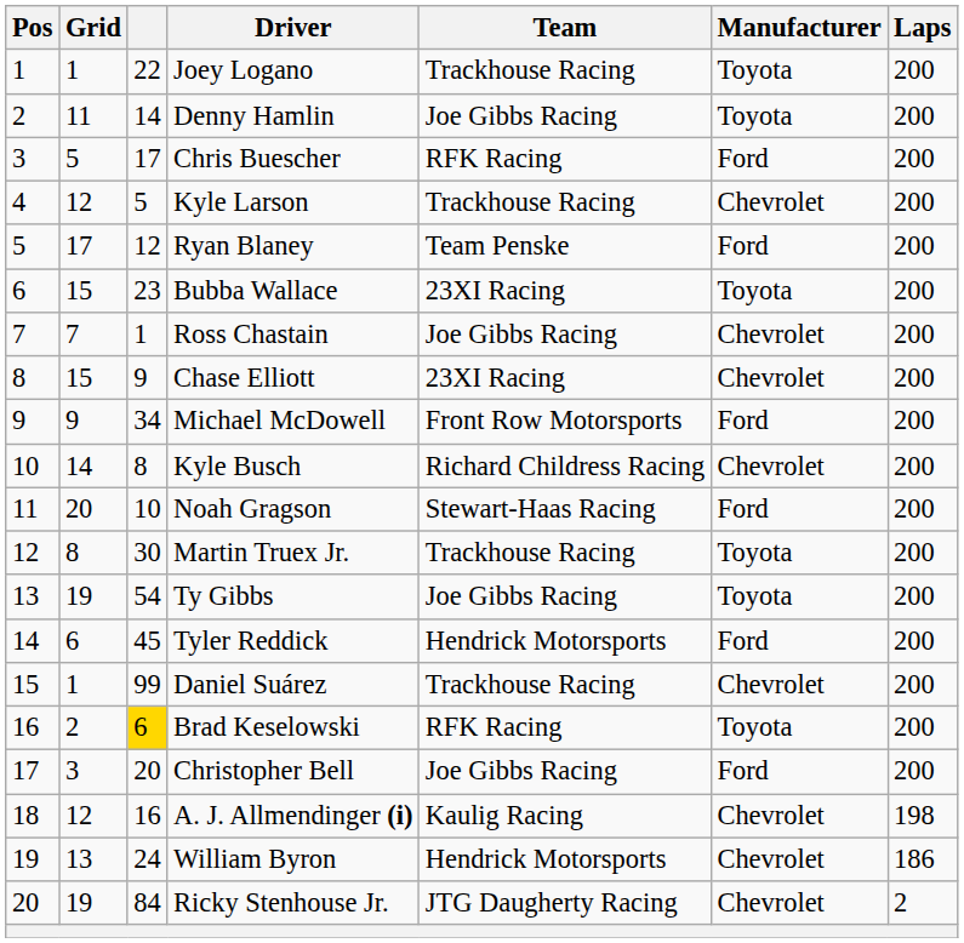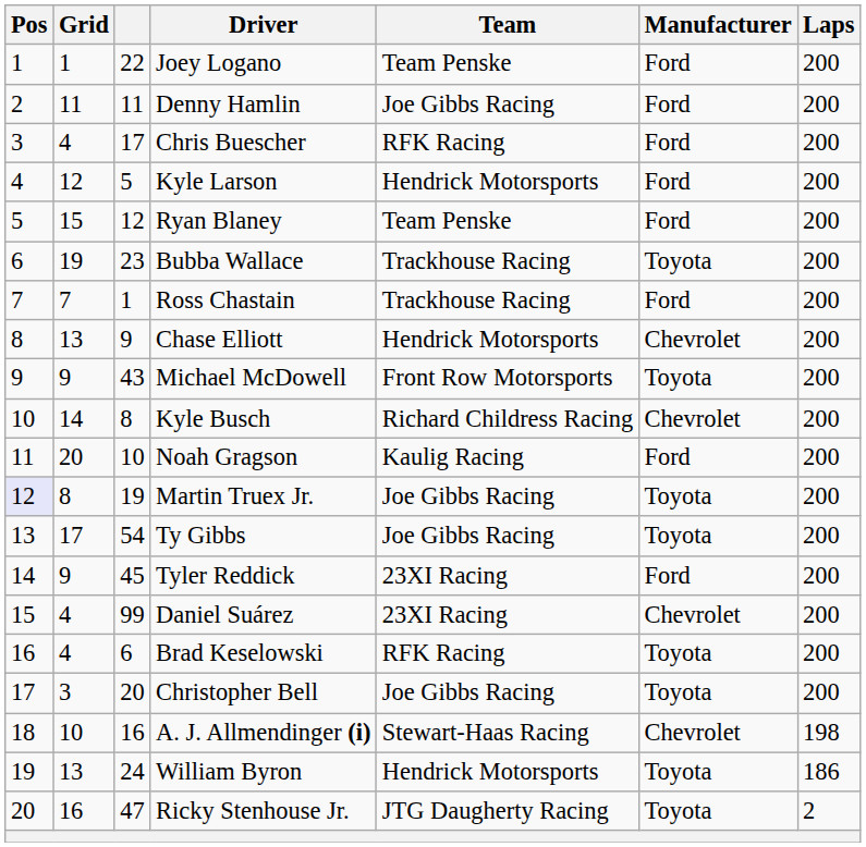 <table class="wikitable" style="font-size:98%">
 <tr>
 <th>Pos</th>
 <th>Grid</th>
 <th></th>
 <th>Driver</th>
 <th>Team</th>
 <th>Manufacturer</th>
 <th>Laps</th>
 </tr>
 <tr>
 <td>1</td>
 <td>1</td>
 <td>22</td>
 <td>Joey Logano</td>
-<td>Trackhouse Racing</td>
-<td>Toyota</td>
+<td>Team Penske</td>
+<td>Ford</td>
 <td>200</td>
 </tr>
 <tr>
 <td>2</td>
 <td>11</td>
-<td>14</td>
+<td>11</td>
 <td>Denny Hamlin</td>
 <td>Joe Gibbs Racing</td>
-<td>Toyota</td>
+<td>Ford</td>
 <td>200</td>
 </tr>
 <tr>
 <td>3</td>
-<td>5</td>
+<td>4</td>
 <td>17</td>
 <td>Chris Buescher</td>
 <td>RFK Racing</td>
 <td>Ford</td>
 <td>200</td>
 </tr>
 <tr>
 <td>4</td>
 <td>12</td>
 <td>5</td>
 <td>Kyle Larson</td>
-<td>Trackhouse Racing</td>
-<td>Chevrolet</td>
+<td>Hendrick Motorsports</td>
+<td>Ford</td>
 <td>200</td>
 </tr>
 <tr>
 <td>5</td>
-<td>17</td>
+<td>15</td>
 <td>12</td>
 <td>Ryan Blaney</td>
 <td>Team Penske</td>
 <td>Ford</td>
 <td>200</td>
 </tr>
 <tr>
 <td>6</td>
-<td>15</td>
+<td>19</td>
 <td>23</td>
 <td>Bubba Wallace</td>
-<td>23XI Racing</td>
+<td>Trackhouse Racing</td>
 <td>Toyota</td>
 <td>200</td>
 </tr>
 <tr>
 <td>7</td>
 <td>7</td>
 <td>1</td>
 <td>Ross Chastain</td>
-<td>Joe Gibbs Racing</td>
-<td>Chevrolet</td>
+<td>Trackhouse Racing</td>
+<td>Ford</td>
 <td>200</td>
 </tr>
 <tr>
 <td>8</td>
-<td>15</td>
+<td>13</td>
 <td>9</td>
 <td>Chase Elliott</td>
-<td>23XI Racing</td>
+<td>Hendrick Motorsports</td>
 <td>Chevrolet</td>
 <td>200</td>
 </tr>
 <tr>
 <td>9</td>
 <td>9</td>
-<td>34</td>
+<td>43</td>
 <td>Michael McDowell</td>
 <td>Front Row Motorsports</td>
-<td>Ford</td>
+<td>Toyota</td>
 <td>200</td>
 </tr>
 <tr>
 <td>10</td>
 <td>14</td>
 <td>8</td>
 <td>Kyle Busch</td>
 <td>Richard Childress Racing</td>
 <td>Chevrolet</td>
 <td>200</td>
 </tr>
 <tr>
 <td>11</td>
 <td>20</td>
 <td>10</td>
 <td>Noah Gragson</td>
-<td>Stewart-Haas Racing</td>
+<td>Kaulig Racing</td>
 <td>Ford</td>
 <td>200</td>
 </tr>
 <tr>
-<td>12</td>
+<td style="background: lavender;">12</td>
 <td>8</td>
-<td>30</td>
+<td>19</td>
 <td>Martin Truex Jr.</td>
-<td>Trackhouse Racing</td>
+<td>Joe Gibbs Racing</td>
 <td>Toyota</td>
 <td>200</td>
 </tr>
 <tr>
 <td>13</td>
-<td>19</td>
+<td>17</td>
 <td>54</td>
 <td>Ty Gibbs</td>
 <td>Joe Gibbs Racing</td>
 <td>Toyota</td>
 <td>200</td>
 </tr>
 <tr>
 <td>14</td>
-<td>6</td>
+<td>9</td>
 <td>45</td>
 <td>Tyler Reddick</td>
-<td>Hendrick Motorsports</td>
+<td>23XI Racing</td>
 <td>Ford</td>
 <td>200</td>
 </tr>
 <tr>
 <td>15</td>
-<td>1</td>
+<td>4</td>
 <td>99</td>
 <td>Daniel Suárez</td>
-<td>Trackhouse Racing</td>
+<td>23XI Racing</td>
 <td>Chevrolet</td>
 <td>200</td>
 </tr>
 <tr>
 <td>16</td>
-<td>2</td>
-<td style="background: gold;">6</td>
+<td>4</td>
+<td>6</td>
 <td>Brad Keselowski</td>
 <td>RFK Racing</td>
 <td>Toyota</td>
 <td>200</td>
 </tr>
 <tr>
 <td>17</td>
 <td>3</td>
 <td>20</td>
 <td>Christopher Bell</td>
 <td>Joe Gibbs Racing</td>
-<td>Ford</td>
+<td>Toyota</td>
 <td>200</td>
 </tr>
 <tr>
 <td>18</td>
-<td>12</td>
+<td>10</td>
 <td>16</td>
 <td>A. J. Allmendinger <strong>(i)</strong></td>
-<td>Kaulig Racing</td>
+<td>Stewart-Haas Racing</td>
 <td>Chevrolet</td>
 <td>198</td>
 </tr>
 <tr>
 <td>19</td>
 <td>13</td>
 <td>24</td>
 <td>William Byron</td>
 <td>Hendrick Motorsports</td>
-<td>Chevrolet</td>
+<td>Toyota</td>
 <td>186</td>
 </tr>
 <tr>
 <td>20</td>
-<td>19</td>
-<td>84</td>
+<td>16</td>
+<td>47</td>
 <td>Ricky Stenhouse Jr.</td>
 <td>JTG Daugherty Racing</td>
-<td>Chevrolet</td>
+<td>Toyota</td>
 <td>2</td>
 </tr>
 <tr>
 <th colspan="7"></th>
 </tr>
 </table>
